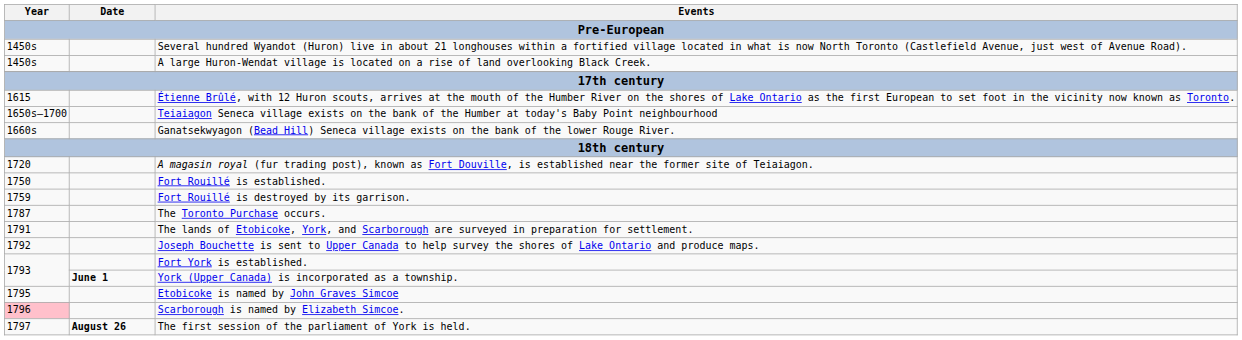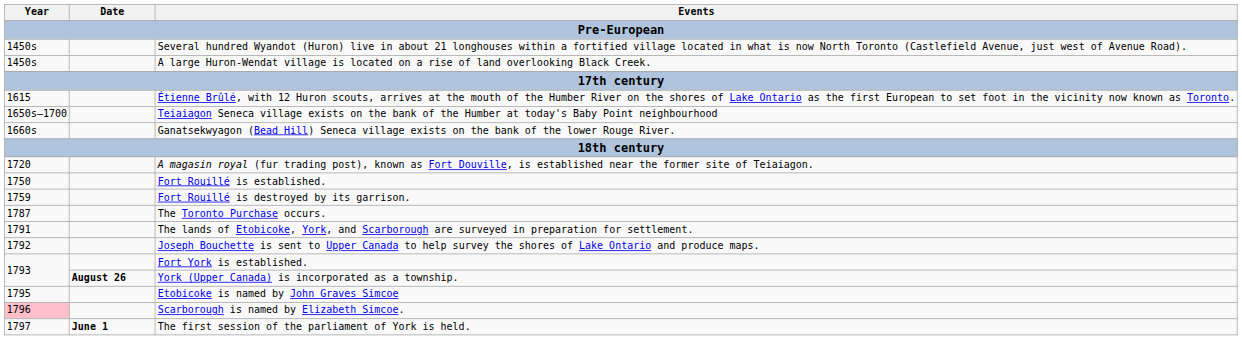 <table class="wikitable" style="font-size: 95%;">
 <tr>
 <th>Year</th>
 <th width="100">Date</th>
 <th>Events</th>
 </tr>
 <tr>
 <th colspan="3" style="background: LightSteelBlue;"><big>Pre-European</big></th>
 </tr>
 <tr>
 <td>1450s</td>
 <td></td>
 <td>Several hundred Wyandot (Huron) live in about 21 longhouses within a fortified village located in what is now North Toronto (Castlefield Avenue, just west of Avenue Road).</td>
 </tr>
 <tr>
 <td>1450s</td>
 <td></td>
 <td>A large Huron-Wendat village is located on a rise of land overlooking Black Creek.</td>
 </tr>
 <tr>
 </tr>
 <tr bgcolor="#CCCCC">
 <th colspan="3" style="background: LightSteelBlue;"><big>17th century</big></th>
 </tr>
 <tr>
 <td>1615</td>
 <td></td>
 <td><a href='#'>Étienne Brûlé</a>, with 12 Huron scouts, arrives at the mouth of the Humber River on the shores of <a href='#'>Lake Ontario</a> as the first European to set foot in the vicinity now known as <a href='#'>Toronto</a>.</td>
 </tr>
 <tr>
 <td>1650s–1700</td>
 <td></td>
 <td><a href='#'>Teiaiagon</a> Seneca village exists on the bank of the Humber at today's Baby Point neighbourhood</td>
 </tr>
 <tr>
 <td>1660s</td>
 <td></td>
 <td>Ganatsekwyagon (<a href='#'>Bead Hill</a>) Seneca village exists on the bank of the lower Rouge River.</td>
 </tr>
 <tr bgcolor="#CCCCC">
 <th colspan="3" style="background: LightSteelBlue;"><big>18th century</big></th>
 </tr>
 <tr>
 <td>1720</td>
 <td></td>
 <td><em>A magasin royal</em> (fur trading post), known as <a href='#'>Fort Douville</a>, is established near the former site of Teiaiagon.</td>
 </tr>
 <tr>
 <td>1750</td>
 <td></td>
 <td><a href='#'>Fort Rouillé</a> is established.</td>
 </tr>
 <tr>
 <td>1759</td>
 <td></td>
 <td><a href='#'>Fort Rouillé</a> is destroyed by its garrison.</td>
 </tr>
 <tr>
 <td>1787</td>
 <td></td>
 <td>The <a href='#'>Toronto Purchase</a> occurs.</td>
 </tr>
 <tr>
 <td>1791</td>
 <td></td>
 <td>The lands of <a href='#'>Etobicoke</a>, <a href='#'>York</a>, and <a href='#'>Scarborough</a> are surveyed in preparation for settlement.</td>
 </tr>
 <tr>
 <td>1792</td>
 <td></td>
 <td><a href='#'>Joseph Bouchette</a> is sent to <a href='#'>Upper Canada</a> to help survey the shores of <a href='#'>Lake Ontario</a> and produce maps.</td>
 </tr>
 <tr>
 <td rowspan="2">1793</td>
 <td></td>
 <td><a href='#'>Fort York</a> is established.</td>
 </tr>
 <tr>
-<td><strong>June 1</strong></td>
+<td><strong>August 26</strong></td>
 <td><a href='#'>York (Upper Canada)</a> is incorporated as a township.</td>
 </tr>
 <tr>
 <td>1795</td>
 <td></td>
 <td><a href='#'>Etobicoke</a> is named by <a href='#'>John Graves Simcoe</a></td>
 </tr>
 <tr>
 <td style="background: pink;">1796</td>
 <td></td>
 <td><a href='#'>Scarborough</a> is named by <a href='#'>Elizabeth Simcoe</a>.</td>
 </tr>
 <tr>
 <td>1797</td>
-<td><strong>August 26</strong></td>
+<td><strong>June 1</strong></td>
 <td>The first session of the parliament of York is held.</td>
 </tr>
 </table>
